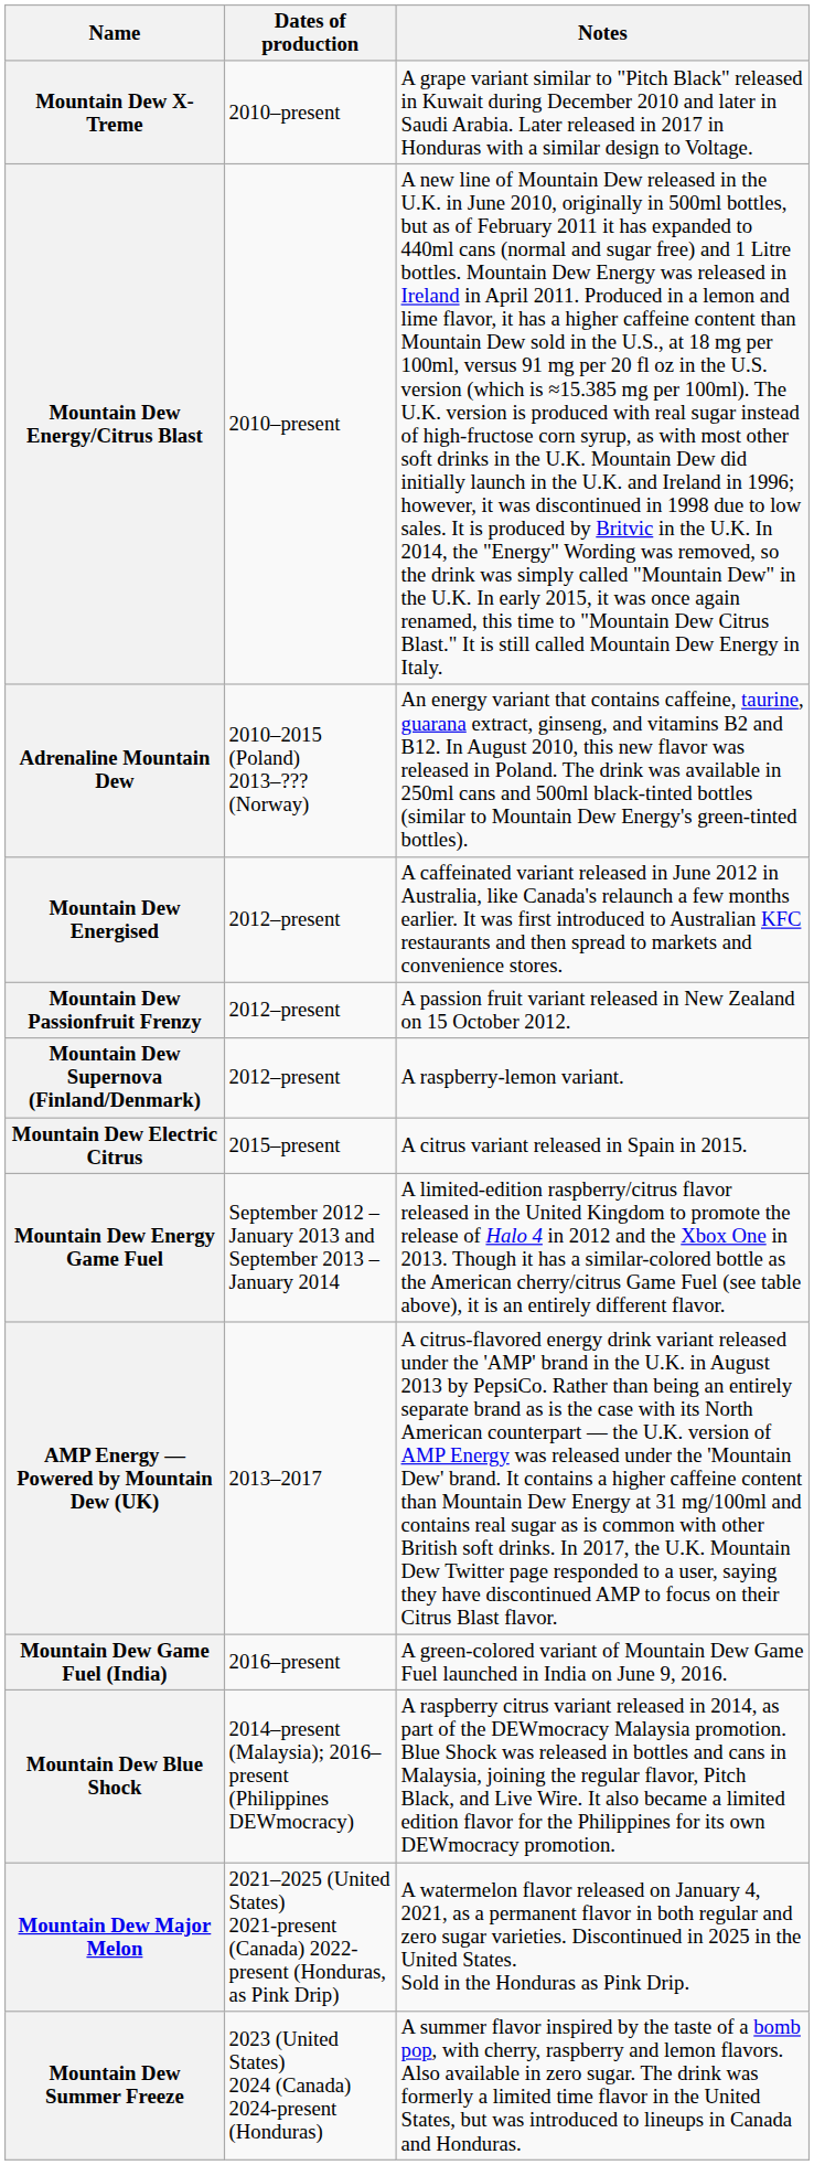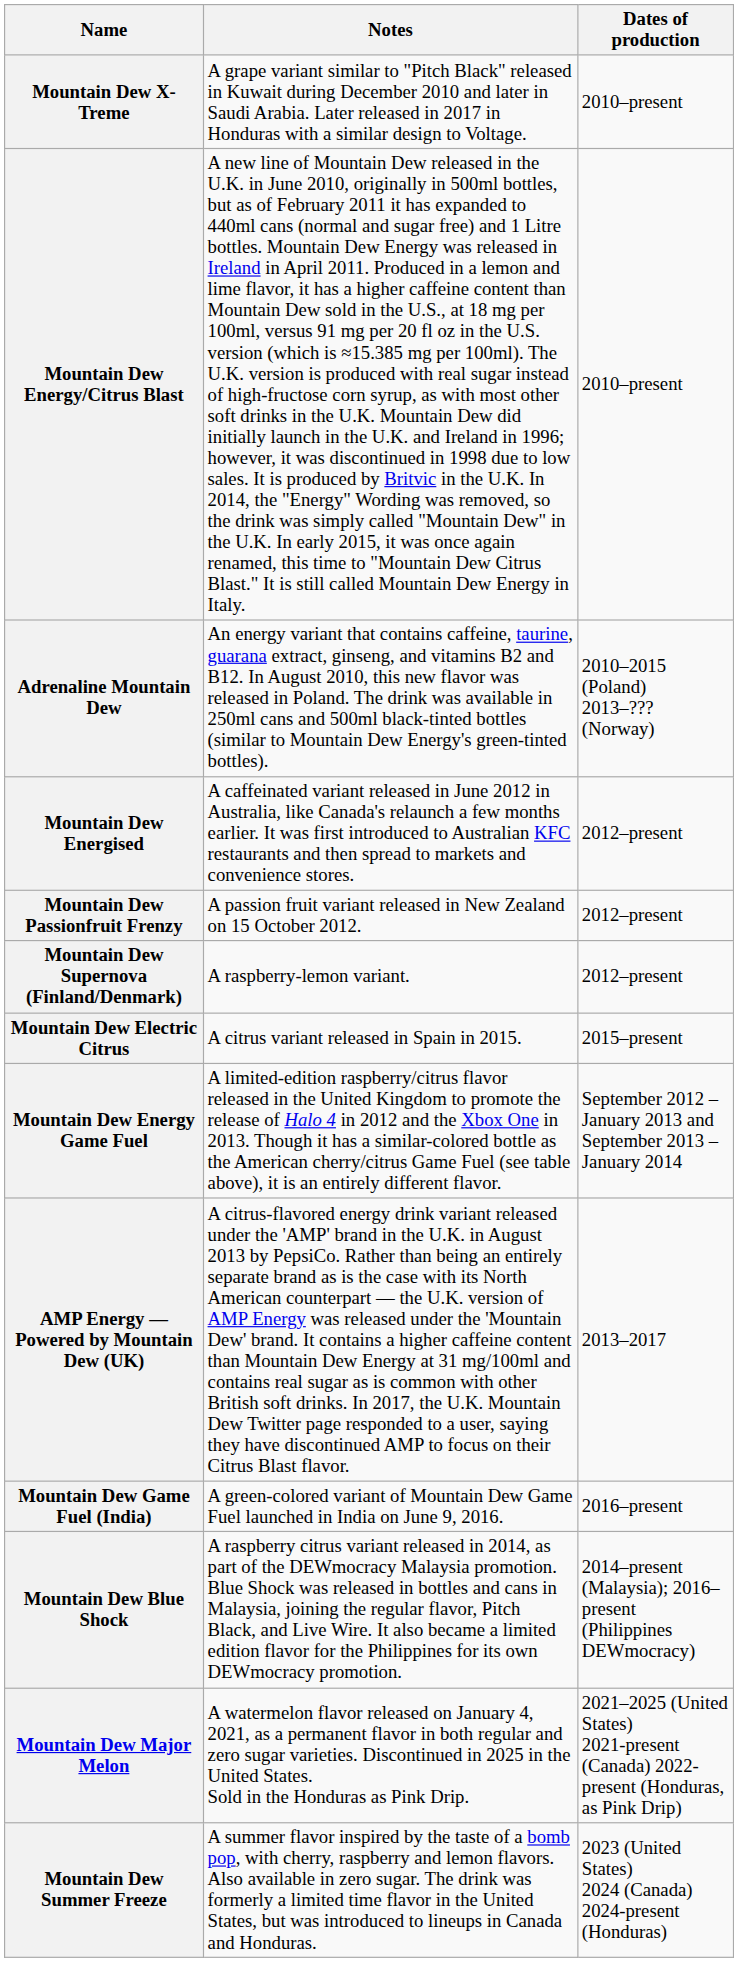 <table class="wikitable" style="text-align:left; width:100%;">
 <tr>
 <th style="width:10%;">Name</th>
+<th style="width:35%;">Notes</th>
 <th style="width:10%;">Dates of production</th>
-<th style="width:35%;">Notes</th>
 </tr>
 <tr>
 <th>Mountain Dew X-Treme</th>
+<td>A grape variant similar to "Pitch Black" released in Kuwait during December 2010 and later in Saudi Arabia. Later released in 2017 in Honduras with a similar design to Voltage.</td>
 <td>2010–present</td>
-<td>A grape variant similar to "Pitch Black" released in Kuwait during December 2010 and later in Saudi Arabia. Later released in 2017 in Honduras with a similar design to Voltage.</td>
 </tr>
 <tr>
 <th>Mountain Dew Energy/Citrus Blast</th>
+<td>A new line of Mountain Dew released in the U.K. in June 2010, originally in 500ml bottles, but as of February 2011 it has expanded to 440ml cans (normal and sugar free) and 1 Litre bottles. Mountain Dew Energy was released in <a href='#'>Ireland</a> in April 2011. Produced in a lemon and lime flavor, it has a higher caffeine content than Mountain Dew sold in the U.S., at 18 mg per 100ml, versus 91 mg per 20 fl oz in the U.S. version (which is ≈15.385 mg per 100ml). The U.K. version is produced with real sugar instead of high-fructose corn syrup, as with most other soft drinks in the U.K. Mountain Dew did initially launch in the U.K. and Ireland in 1996; however, it was discontinued in 1998 due to low sales. It is produced by <a href='#'>Britvic</a> in the U.K. In 2014, the "Energy" Wording was removed, so the drink was simply called "Mountain Dew" in the U.K. In early 2015, it was once again renamed, this time to "Mountain Dew Citrus Blast." It is still called Mountain Dew Energy in Italy.</td>
 <td>2010–present</td>
-<td>A new line of Mountain Dew released in the U.K. in June 2010, originally in 500ml bottles, but as of February 2011 it has expanded to 440ml cans (normal and sugar free) and 1 Litre bottles. Mountain Dew Energy was released in <a href='#'>Ireland</a> in April 2011. Produced in a lemon and lime flavor, it has a higher caffeine content than Mountain Dew sold in the U.S., at 18 mg per 100ml, versus 91 mg per 20 fl oz in the U.S. version (which is ≈15.385 mg per 100ml). The U.K. version is produced with real sugar instead of high-fructose corn syrup, as with most other soft drinks in the U.K. Mountain Dew did initially launch in the U.K. and Ireland in 1996; however, it was discontinued in 1998 due to low sales. It is produced by <a href='#'>Britvic</a> in the U.K. In 2014, the "Energy" Wording was removed, so the drink was simply called "Mountain Dew" in the U.K. In early 2015, it was once again renamed, this time to "Mountain Dew Citrus Blast." It is still called Mountain Dew Energy in Italy.</td>
 </tr>
 <tr>
 <th>Adrenaline Mountain Dew</th>
+<td>An energy variant that contains caffeine, <a href='#'>taurine</a>, <a href='#'>guarana</a> extract, ginseng, and vitamins B2 and B12. In August 2010, this new flavor was released in Poland. The drink was available in 250ml cans and 500ml black-tinted bottles (similar to Mountain Dew Energy's green-tinted bottles).</td>
 <td>2010–2015 (Poland)<br>2013–??? (Norway)</td>
-<td>An energy variant that contains caffeine, <a href='#'>taurine</a>, <a href='#'>guarana</a> extract, ginseng, and vitamins B2 and B12. In August 2010, this new flavor was released in Poland. The drink was available in 250ml cans and 500ml black-tinted bottles (similar to Mountain Dew Energy's green-tinted bottles).</td>
 </tr>
 <tr>
 <th>Mountain Dew Energised</th>
+<td>A caffeinated variant released in June 2012 in Australia, like Canada's relaunch a few months earlier. It was first introduced to Australian <a href='#'>KFC</a> restaurants and then spread to markets and convenience stores.</td>
 <td>2012–present</td>
-<td>A caffeinated variant released in June 2012 in Australia, like Canada's relaunch a few months earlier. It was first introduced to Australian <a href='#'>KFC</a> restaurants and then spread to markets and convenience stores.</td>
 </tr>
 <tr>
 <th>Mountain Dew Passionfruit Frenzy</th>
+<td>A passion fruit variant released in New Zealand on 15 October 2012.</td>
 <td>2012–present</td>
-<td>A passion fruit variant released in New Zealand on 15 October 2012.</td>
 </tr>
 <tr>
 <th>Mountain Dew Supernova (Finland/Denmark)</th>
+<td>A raspberry-lemon variant.</td>
 <td>2012–present</td>
-<td>A raspberry-lemon variant.</td>
 </tr>
 <tr>
 <th>Mountain Dew Electric Citrus</th>
+<td>A citrus variant released in Spain in 2015.</td>
 <td>2015–present</td>
-<td>A citrus variant released in Spain in 2015.</td>
 </tr>
 <tr>
 <th>Mountain Dew Energy Game Fuel</th>
+<td>A limited-edition raspberry/citrus flavor released in the United Kingdom to promote the release of <em><a href='#'>Halo 4</a></em> in 2012 and the <a href='#'>Xbox One</a> in 2013. Though it has a similar-colored bottle as the American cherry/citrus Game Fuel (see table above), it is an entirely different flavor.</td>
 <td>September 2012 – January 2013 and September 2013 – January 2014</td>
-<td>A limited-edition raspberry/citrus flavor released in the United Kingdom to promote the release of <em><a href='#'>Halo 4</a></em> in 2012 and the <a href='#'>Xbox One</a> in 2013. Though it has a similar-colored bottle as the American cherry/citrus Game Fuel (see table above), it is an entirely different flavor.</td>
 </tr>
 <tr>
 <th>AMP Energy — Powered by Mountain Dew (UK)</th>
+<td>A citrus-flavored energy drink variant released under the 'AMP' brand in the U.K. in August 2013 by PepsiCo. Rather than being an entirely separate brand as is the case with its North American counterpart — the U.K. version of <a href='#'>AMP Energy</a> was released under the 'Mountain Dew' brand. It contains a higher caffeine content than Mountain Dew Energy at 31 mg/100ml and contains real sugar as is common with other British soft drinks. In 2017, the U.K. Mountain Dew Twitter page responded to a user, saying they have discontinued AMP to focus on their Citrus Blast flavor.</td>
 <td>2013–2017</td>
-<td>A citrus-flavored energy drink variant released under the 'AMP' brand in the U.K. in August 2013 by PepsiCo. Rather than being an entirely separate brand as is the case with its North American counterpart — the U.K. version of <a href='#'>AMP Energy</a> was released under the 'Mountain Dew' brand. It contains a higher caffeine content than Mountain Dew Energy at 31 mg/100ml and contains real sugar as is common with other British soft drinks. In 2017, the U.K. Mountain Dew Twitter page responded to a user, saying they have discontinued AMP to focus on their Citrus Blast flavor.</td>
 </tr>
 <tr>
 <th>Mountain Dew Game Fuel (India)</th>
+<td>A green-colored variant of Mountain Dew Game Fuel launched in India on June 9, 2016.</td>
 <td>2016–present</td>
-<td>A green-colored variant of Mountain Dew Game Fuel launched in India on June 9, 2016.</td>
 </tr>
 <tr>
 <th>Mountain Dew Blue Shock</th>
+<td>A raspberry citrus variant released in 2014, as part of the DEWmocracy Malaysia promotion. Blue Shock was released in bottles and cans in Malaysia, joining the regular flavor, Pitch Black, and Live Wire. It also became a limited edition flavor for the Philippines for its own DEWmocracy promotion.</td>
 <td>2014–present (Malaysia); 2016–present (Philippines DEWmocracy)</td>
-<td>A raspberry citrus variant released in 2014, as part of the DEWmocracy Malaysia promotion. Blue Shock was released in bottles and cans in Malaysia, joining the regular flavor, Pitch Black, and Live Wire. It also became a limited edition flavor for the Philippines for its own DEWmocracy promotion.</td>
 </tr>
 <tr>
 <th><a href='#'>Mountain Dew Major Melon</a></th>
+<td>A watermelon flavor released on January 4, 2021, as a permanent flavor in both regular and zero sugar varieties. Discontinued in 2025 in the United States.<br>Sold in the Honduras as Pink Drip.</td>
 <td>2021–2025 (United States)<br>2021-present (Canada) 2022-present (Honduras, as Pink Drip)</td>
-<td>A watermelon flavor released on January 4, 2021, as a permanent flavor in both regular and zero sugar varieties. Discontinued in 2025 in the United States.<br>Sold in the Honduras as Pink Drip.</td>
 </tr>
 <tr>
 <th>Mountain Dew Summer Freeze</th>
+<td>A summer flavor inspired by the taste of a <a href='#'>bomb pop</a>, with cherry, raspberry and lemon flavors. Also available in zero sugar. The drink was formerly a limited time flavor in the United States, but was introduced to lineups in Canada and Honduras.</td>
 <td>2023 (United States)<br>2024 (Canada) 2024-present (Honduras)</td>
-<td>A summer flavor inspired by the taste of a <a href='#'>bomb pop</a>, with cherry, raspberry and lemon flavors. Also available in zero sugar. The drink was formerly a limited time flavor in the United States, but was introduced to lineups in Canada and Honduras.</td>
 </tr>
 </table>
